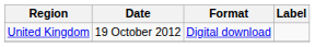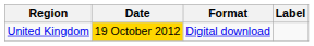 <table class=wikitable>
 <tr>
 <th>Region</th>
 <th>Date</th>
 <th>Format</th>
 <th>Label</th>
 </tr>
 <tr>
 <td><a href='#'>United Kingdom</a></td>
-<td>19 October 2012</td>
+<td style="background: gold;">19 October 2012</td>
 <td><a href='#'>Digital download</a></td>
 <td></td>
 </tr>
 <tr>
 </tr>
 </table>
